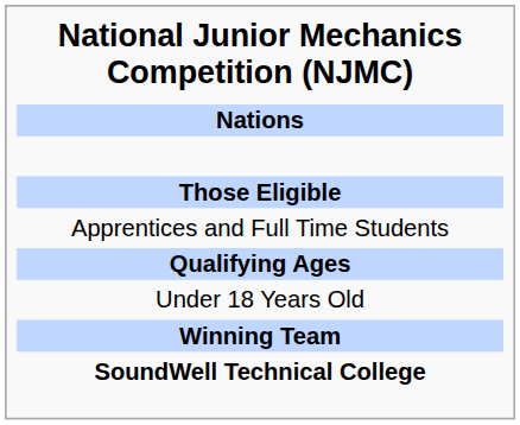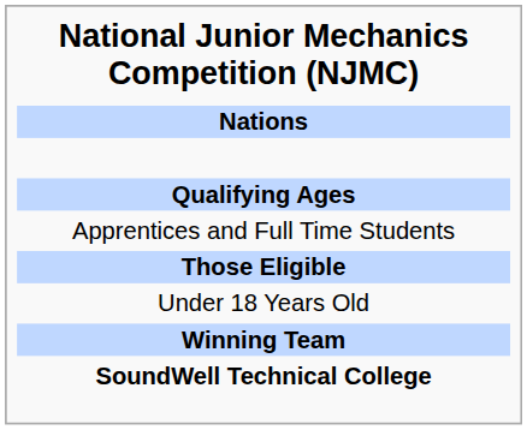 <table class="infobox" style="width: 16em; text-align: center;">
 <tr>
 <th style="font-size: 16px text-align: left;">National Junior Mechanics Competition (NJMC)</th>
 </tr>
 <tr>
 <td style="font-size: 11px; line-height: 15px;"></td>
 </tr>
 <tr>
 <td style="font-size: 12px; background: #BFD7FF;"><strong>Nations</strong></td>
 </tr>
 <tr>
 <td style="font-size: 12px;text-align: center"><br></td>
 </tr>
 <tr>
-<td style="font-size: 12px; background: #BFD7FF;"><strong>Those Eligible</strong></td>
+<td style="font-size: 12px; background: #BFD7FF;"><strong>Qualifying Ages</strong></td>
 </tr>
 <tr>
 <td style="font-size: 12px; text-align: center">Apprentices and Full Time Students</td>
 </tr>
 <tr>
-<td style="font-size: 12px; background: #BFD7FF;"><strong>Qualifying Ages</strong></td>
+<td style="font-size: 12px; background: #BFD7FF;"><strong>Those Eligible</strong></td>
 </tr>
 <tr>
 <td style="font-size: 12px; text-align: center">Under 18 Years Old</td>
 </tr>
 <tr>
 <td style="font-size: 12px; background: #BFD7FF;"><strong>Winning Team</strong></td>
 </tr>
 <tr>
 <td style="font-size: 12px; text-align: center"><strong>SoundWell Technical College</strong></td>
 </tr>
 <tr>
 <td style="font-size: 11px; line-height: 15px;"></td>
 </tr>
 <tr>
 <td style="font-size: 11px; line-height: 15px;"></td>
 </tr>
 <tr>
 </tr>
 </table>
